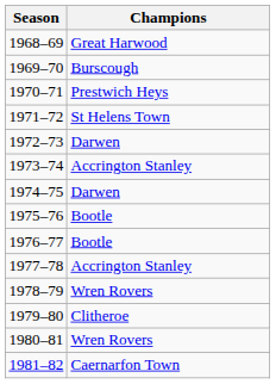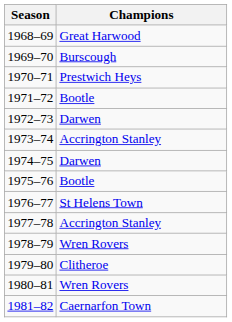 <table class=wikitable style=text-align:left>
 <tr>
 <th>Season</th>
 <th width=200>Champions</th>
 </tr>
 <tr>
 <td>1968–69</td>
 <td><a href='#'>Great Harwood</a></td>
 </tr>
 <tr>
 <td>1969–70</td>
 <td><a href='#'>Burscough</a></td>
 </tr>
 <tr>
 <td>1970–71</td>
 <td><a href='#'>Prestwich Heys</a></td>
 </tr>
 <tr>
 <td>1971–72</td>
-<td><a href='#'>St Helens Town</a></td>
+<td><a href='#'>Bootle</a></td>
 </tr>
 <tr>
 <td>1972–73</td>
 <td><a href='#'>Darwen</a></td>
 </tr>
 <tr>
 <td>1973–74</td>
 <td><a href='#'>Accrington Stanley</a></td>
 </tr>
 <tr>
 <td>1974–75</td>
 <td><a href='#'>Darwen</a></td>
 </tr>
 <tr>
 <td>1975–76</td>
 <td><a href='#'>Bootle</a></td>
 </tr>
 <tr>
 <td>1976–77</td>
-<td><a href='#'>Bootle</a></td>
+<td><a href='#'>St Helens Town</a></td>
 </tr>
 <tr>
 <td>1977–78</td>
 <td><a href='#'>Accrington Stanley</a></td>
 </tr>
 <tr>
 <td>1978–79</td>
 <td><a href='#'>Wren Rovers</a></td>
 </tr>
 <tr>
 <td>1979–80</td>
 <td><a href='#'>Clitheroe</a></td>
 </tr>
 <tr>
 <td>1980–81</td>
 <td><a href='#'>Wren Rovers</a></td>
 </tr>
 <tr>
 <td><a href='#'>1981–82</a></td>
 <td><a href='#'>Caernarfon Town</a></td>
 </tr>
 </table>
